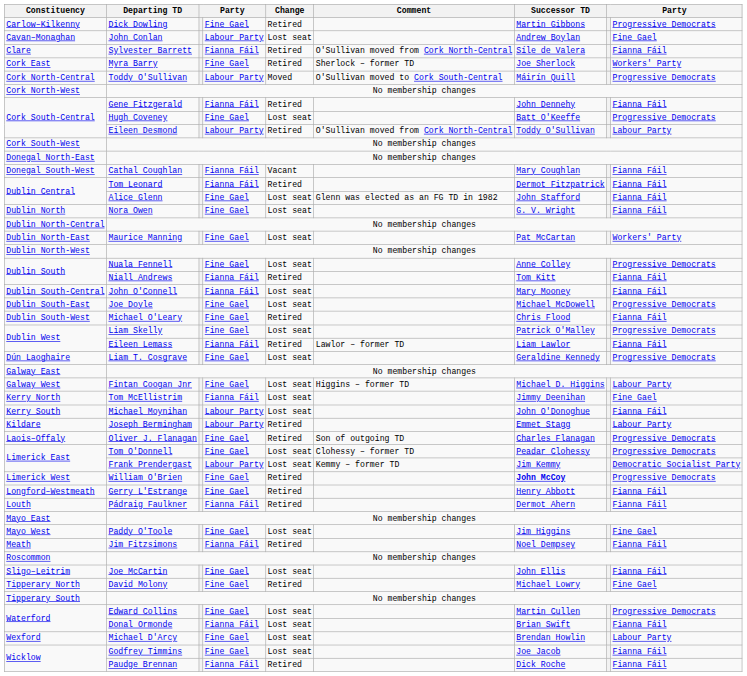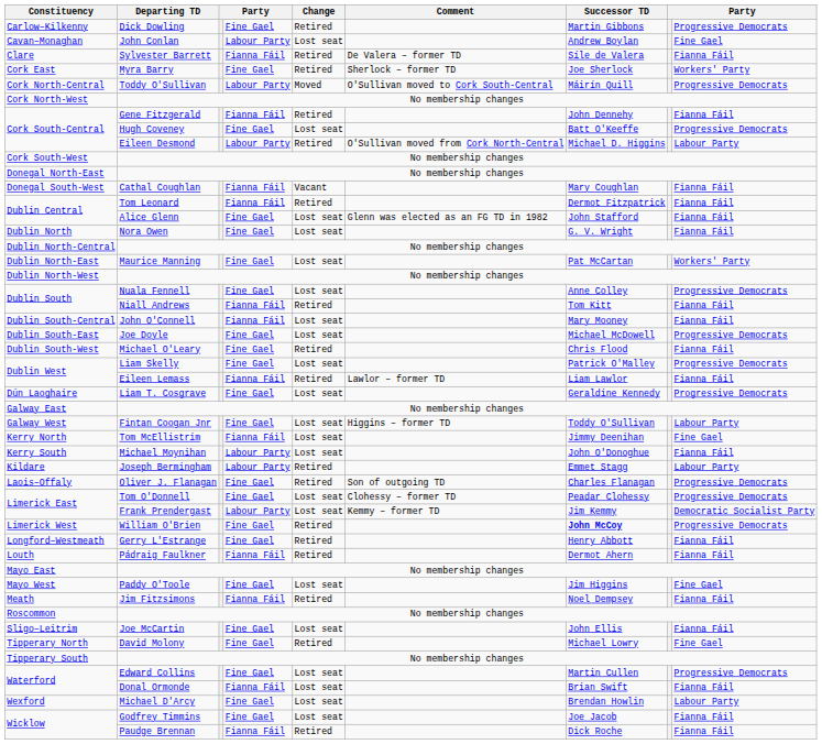 <table class="wikitable">
 <tr style="background: #efefef;">
 <th scope="col">Constituency</th>
 <th scope="col">Departing TD</th>
 <th scope="col" colspan="2">Party</th>
 <th scope="col">Change</th>
 <th scope="col">Comment</th>
 <th scope="col">Successor TD</th>
 <th scope="col" colspan="2">Party</th>
 </tr>
 <tr>
 <td><a href='#'>Carlow–Kilkenny</a></td>
 <td><a href='#'>Dick Dowling</a></td>
 <th style="background-color: "></th>
 <td><a href='#'>Fine Gael</a></td>
 <td>Retired</td>
 <td></td>
 <td><a href='#'>Martin Gibbons</a></td>
 <th style="background-color: "></th>
 <td><a href='#'>Progressive Democrats</a></td>
 </tr>
 <tr>
 <td><a href='#'>Cavan–Monaghan</a></td>
 <td><a href='#'>John Conlan</a></td>
 <th style="background-color: "></th>
 <td><a href='#'>Labour Party</a></td>
 <td>Lost seat</td>
 <td></td>
 <td><a href='#'>Andrew Boylan</a></td>
 <th style="background-color: "></th>
 <td><a href='#'>Fine Gael</a></td>
 </tr>
 <tr>
 <td><a href='#'>Clare</a></td>
 <td><a href='#'>Sylvester Barrett</a></td>
 <th style="background-color: "></th>
 <td><a href='#'>Fianna Fáil</a></td>
 <td>Retired</td>
-<td>O'Sullivan moved from <a href='#'>Cork North-Central</a></td>
+<td>De Valera – former TD</td>
 <td><a href='#'>Síle de Valera</a></td>
 <th style="background-color: "></th>
 <td><a href='#'>Fianna Fáil</a></td>
 </tr>
 <tr>
 <td><a href='#'>Cork East</a></td>
 <td><a href='#'>Myra Barry</a></td>
 <th style="background-color: "></th>
 <td><a href='#'>Fine Gael</a></td>
 <td>Retired</td>
 <td>Sherlock – former TD</td>
 <td><a href='#'>Joe Sherlock</a></td>
 <th style="background-color: "></th>
 <td><a href='#'>Workers' Party</a></td>
 </tr>
 <tr>
 <td><a href='#'>Cork North-Central</a></td>
 <td><a href='#'>Toddy O'Sullivan</a></td>
 <th style="background-color: "></th>
 <td><a href='#'>Labour Party</a></td>
 <td>Moved</td>
 <td>O'Sullivan moved to <a href='#'>Cork South-Central</a></td>
 <td><a href='#'>Máirín Quill</a></td>
 <th style="background-color: "></th>
 <td><a href='#'>Progressive Democrats</a></td>
 </tr>
 <tr>
 <td><a href='#'>Cork North-West</a></td>
 <td colspan=8 align=center>No membership changes</td>
 </tr>
 <tr>
 <td rowspan=3><a href='#'>Cork South-Central</a></td>
 <td><a href='#'>Gene Fitzgerald</a></td>
 <th style="background-color: "></th>
 <td><a href='#'>Fianna Fáil</a></td>
 <td>Retired</td>
 <td></td>
 <td><a href='#'>John Dennehy</a></td>
 <th style="background-color: "></th>
 <td><a href='#'>Fianna Fáil</a></td>
 </tr>
 <tr>
 <td><a href='#'>Hugh Coveney</a></td>
 <th style="background-color: "></th>
 <td><a href='#'>Fine Gael</a></td>
 <td>Lost seat</td>
 <td></td>
 <td><a href='#'>Batt O'Keeffe</a></td>
 <th style="background-color: "></th>
 <td><a href='#'>Progressive Democrats</a></td>
 </tr>
 <tr>
 <td><a href='#'>Eileen Desmond</a></td>
 <th style="background-color: "></th>
 <td><a href='#'>Labour Party</a></td>
 <td>Retired</td>
 <td>O'Sullivan moved from <a href='#'>Cork North-Central</a></td>
-<td><a href='#'>Toddy O'Sullivan</a></td>
+<td><a href='#'>Michael D. Higgins</a></td>
 <th style="background-color: "></th>
 <td><a href='#'>Labour Party</a></td>
 </tr>
 <tr>
 <td><a href='#'>Cork South-West</a></td>
 <td colspan=8 align=center>No membership changes</td>
 </tr>
 <tr>
 <td><a href='#'>Donegal North-East</a></td>
 <td colspan=8 align=center>No membership changes</td>
 </tr>
 <tr>
 <td><a href='#'>Donegal South-West</a></td>
 <td><a href='#'>Cathal Coughlan</a></td>
 <th style="background-color: "></th>
 <td><a href='#'>Fianna Fáil</a></td>
 <td>Vacant</td>
 <td></td>
 <td><a href='#'>Mary Coughlan</a></td>
 <th style="background-color: "></th>
 <td><a href='#'>Fianna Fáil</a></td>
 </tr>
 <tr>
 <td rowspan=2><a href='#'>Dublin Central</a></td>
 <td><a href='#'>Tom Leonard</a></td>
 <th style="background-color: "></th>
 <td><a href='#'>Fianna Fáil</a></td>
 <td>Retired</td>
 <td></td>
 <td><a href='#'>Dermot Fitzpatrick</a></td>
 <th style="background-color: "></th>
 <td><a href='#'>Fianna Fáil</a></td>
 </tr>
 <tr>
 <td><a href='#'>Alice Glenn</a></td>
 <th style="background-color: "></th>
 <td><a href='#'>Fine Gael</a></td>
 <td>Lost seat</td>
 <td>Glenn was elected as an FG TD in 1982</td>
 <td><a href='#'>John Stafford</a></td>
 <th style="background-color: "></th>
 <td><a href='#'>Fianna Fáil</a></td>
 </tr>
 <tr>
 <td><a href='#'>Dublin North</a></td>
 <td><a href='#'>Nora Owen</a></td>
 <th style="background-color: "></th>
 <td><a href='#'>Fine Gael</a></td>
 <td>Lost seat</td>
 <td></td>
 <td><a href='#'>G. V. Wright</a></td>
 <th style="background-color: "></th>
 <td><a href='#'>Fianna Fáil</a></td>
 </tr>
 <tr>
 <td><a href='#'>Dublin North-Central</a></td>
 <td colspan=8 align=center>No membership changes</td>
 </tr>
 <tr>
 <td><a href='#'>Dublin North-East</a></td>
 <td><a href='#'>Maurice Manning</a></td>
 <th style="background-color: "></th>
 <td><a href='#'>Fine Gael</a></td>
 <td>Lost seat</td>
 <td></td>
 <td><a href='#'>Pat McCartan</a></td>
 <th style="background-color: "></th>
 <td><a href='#'>Workers' Party</a></td>
 </tr>
 <tr>
 <td><a href='#'>Dublin North-West</a></td>
 <td colspan=8 align=center>No membership changes</td>
 </tr>
 <tr>
 <td rowspan=2><a href='#'>Dublin South</a></td>
 <td><a href='#'>Nuala Fennell</a></td>
 <th style="background-color: "></th>
 <td><a href='#'>Fine Gael</a></td>
 <td>Lost seat</td>
 <td></td>
 <td><a href='#'>Anne Colley</a></td>
 <th style="background-color: "></th>
 <td><a href='#'>Progressive Democrats</a></td>
 </tr>
 <tr>
 <td><a href='#'>Niall Andrews</a></td>
 <th style="background-color: "></th>
 <td><a href='#'>Fianna Fáil</a></td>
 <td>Retired</td>
 <td></td>
 <td><a href='#'>Tom Kitt</a></td>
 <th style="background-color: "></th>
 <td><a href='#'>Fianna Fáil</a></td>
 </tr>
 <tr>
 <td><a href='#'>Dublin South-Central</a></td>
 <td><a href='#'>John O'Connell</a></td>
 <th style="background-color: "></th>
 <td><a href='#'>Fianna Fáil</a></td>
 <td>Lost seat</td>
 <td></td>
 <td><a href='#'>Mary Mooney</a></td>
 <th style="background-color: "></th>
 <td><a href='#'>Fianna Fáil</a></td>
 </tr>
 <tr>
 <td><a href='#'>Dublin South-East</a></td>
 <td><a href='#'>Joe Doyle</a></td>
 <th style="background-color: "></th>
 <td><a href='#'>Fine Gael</a></td>
 <td>Lost seat</td>
 <td></td>
 <td><a href='#'>Michael McDowell</a></td>
 <th style="background-color: "></th>
 <td><a href='#'>Progressive Democrats</a></td>
 </tr>
 <tr>
 <td><a href='#'>Dublin South-West</a></td>
 <td><a href='#'>Michael O'Leary</a></td>
 <th style="background-color: "></th>
 <td><a href='#'>Fine Gael</a></td>
 <td>Retired</td>
 <td></td>
 <td><a href='#'>Chris Flood</a></td>
 <th style="background-color: "></th>
 <td><a href='#'>Fianna Fáil</a></td>
 </tr>
 <tr>
 <td rowspan=2><a href='#'>Dublin West</a></td>
 <td><a href='#'>Liam Skelly</a></td>
 <th style="background-color: "></th>
 <td><a href='#'>Fine Gael</a></td>
 <td>Lost seat</td>
 <td></td>
 <td><a href='#'>Patrick O'Malley</a></td>
 <th style="background-color: "></th>
 <td><a href='#'>Progressive Democrats</a></td>
 </tr>
 <tr>
 <td><a href='#'>Eileen Lemass</a></td>
 <th style="background-color: "></th>
 <td><a href='#'>Fianna Fáil</a></td>
 <td>Retired</td>
 <td>Lawlor – former TD</td>
 <td><a href='#'>Liam Lawlor</a></td>
 <th style="background-color: "></th>
 <td><a href='#'>Fianna Fáil</a></td>
 </tr>
 <tr>
 <td><a href='#'>Dún Laoghaire</a></td>
 <td><a href='#'>Liam T. Cosgrave</a></td>
 <th style="background-color: "></th>
 <td><a href='#'>Fine Gael</a></td>
 <td>Lost seat</td>
 <td></td>
 <td><a href='#'>Geraldine Kennedy</a></td>
 <th style="background-color: "></th>
 <td><a href='#'>Progressive Democrats</a></td>
 </tr>
 <tr>
 <td><a href='#'>Galway East</a></td>
 <td colspan=8 align=center>No membership changes</td>
 </tr>
 <tr>
 <td><a href='#'>Galway West</a></td>
 <td><a href='#'>Fintan Coogan Jnr</a></td>
 <th style="background-color: "></th>
 <td><a href='#'>Fine Gael</a></td>
 <td>Lost seat</td>
 <td>Higgins – former TD</td>
-<td><a href='#'>Michael D. Higgins</a></td>
+<td><a href='#'>Toddy O'Sullivan</a></td>
 <th style="background-color: "></th>
 <td><a href='#'>Labour Party</a></td>
 </tr>
 <tr>
 <td><a href='#'>Kerry North</a></td>
 <td><a href='#'>Tom McEllistrim</a></td>
 <th style="background-color: "></th>
 <td><a href='#'>Fianna Fáil</a></td>
 <td>Lost seat</td>
 <td></td>
 <td><a href='#'>Jimmy Deenihan</a></td>
 <th style="background-color: "></th>
 <td><a href='#'>Fine Gael</a></td>
 </tr>
 <tr>
 <td><a href='#'>Kerry South</a></td>
 <td><a href='#'>Michael Moynihan</a></td>
 <th style="background-color: "></th>
 <td><a href='#'>Labour Party</a></td>
 <td>Lost seat</td>
 <td></td>
 <td><a href='#'>John O'Donoghue</a></td>
 <th style="background-color: "></th>
 <td><a href='#'>Fianna Fáil</a></td>
 </tr>
 <tr>
 <td><a href='#'>Kildare</a></td>
 <td><a href='#'>Joseph Bermingham</a></td>
 <th style="background-color: "></th>
 <td><a href='#'>Labour Party</a></td>
 <td>Retired</td>
 <td></td>
 <td><a href='#'>Emmet Stagg</a></td>
 <th style="background-color: "></th>
 <td><a href='#'>Labour Party</a></td>
 </tr>
 <tr>
 <td><a href='#'>Laois–Offaly</a></td>
 <td><a href='#'>Oliver J. Flanagan</a></td>
 <th style="background-color: "></th>
 <td><a href='#'>Fine Gael</a></td>
 <td>Retired</td>
 <td>Son of outgoing TD</td>
 <td><a href='#'>Charles Flanagan</a></td>
 <th style="background-color: "></th>
 <td><a href='#'>Progressive Democrats</a></td>
 </tr>
 <tr>
 <td rowspan=2><a href='#'>Limerick East</a></td>
 <td><a href='#'>Tom O'Donnell</a></td>
 <th style="background-color: "></th>
 <td><a href='#'>Fine Gael</a></td>
 <td>Lost seat</td>
 <td>Clohessy – former TD</td>
 <td><a href='#'>Peadar Clohessy</a></td>
 <th style="background-color: "></th>
 <td><a href='#'>Progressive Democrats</a></td>
 </tr>
 <tr>
 <td><a href='#'>Frank Prendergast</a></td>
 <th style="background-color: "></th>
 <td><a href='#'>Labour Party</a></td>
 <td>Lost seat</td>
 <td>Kemmy – former TD</td>
 <td><a href='#'>Jim Kemmy</a></td>
 <th style="background-color: "></th>
 <td><a href='#'>Democratic Socialist Party</a></td>
 </tr>
 <tr>
 <td><a href='#'>Limerick West</a></td>
 <td><a href='#'>William O'Brien</a></td>
 <th style="background-color: "></th>
 <td><a href='#'>Fine Gael</a></td>
 <td>Retired</td>
 <td></td>
 <td><strong><a href='#'>John McCoy</a></strong></td>
 <th style="background-color: "></th>
 <td><a href='#'>Progressive Democrats</a></td>
 </tr>
 <tr>
 <td><a href='#'>Longford–Westmeath</a></td>
 <td><a href='#'>Gerry L'Estrange</a></td>
 <th style="background-color: "></th>
 <td><a href='#'>Fine Gael</a></td>
 <td>Retired</td>
 <td></td>
 <td><a href='#'>Henry Abbott</a></td>
 <th style="background-color: "></th>
 <td><a href='#'>Fianna Fáil</a></td>
 </tr>
 <tr>
 <td><a href='#'>Louth</a></td>
 <td><a href='#'>Pádraig Faulkner</a></td>
 <th style="background-color: "></th>
 <td><a href='#'>Fianna Fáil</a></td>
 <td>Retired</td>
 <td></td>
 <td><a href='#'>Dermot Ahern</a></td>
 <th style="background-color: "></th>
 <td><a href='#'>Fianna Fáil</a></td>
 </tr>
 <tr>
 <td><a href='#'>Mayo East</a></td>
 <td colspan=8 align=center>No membership changes</td>
 </tr>
 <tr>
 <td><a href='#'>Mayo West</a></td>
 <td><a href='#'>Paddy O'Toole</a></td>
 <th style="background-color: "></th>
 <td><a href='#'>Fine Gael</a></td>
 <td>Lost seat</td>
 <td></td>
 <td><a href='#'>Jim Higgins</a></td>
 <th style="background-color: "></th>
 <td><a href='#'>Fine Gael</a></td>
 </tr>
 <tr>
 <td><a href='#'>Meath</a></td>
 <td><a href='#'>Jim Fitzsimons</a></td>
 <th style="background-color: "></th>
 <td><a href='#'>Fianna Fáil</a></td>
 <td>Retired</td>
 <td></td>
 <td><a href='#'>Noel Dempsey</a></td>
 <th style="background-color: "></th>
 <td><a href='#'>Fianna Fáil</a></td>
 </tr>
 <tr>
 <td><a href='#'>Roscommon</a></td>
 <td colspan=8 align=center>No membership changes</td>
 </tr>
 <tr>
 <td><a href='#'>Sligo–Leitrim</a></td>
 <td><a href='#'>Joe McCartin</a></td>
 <th style="background-color: "></th>
 <td><a href='#'>Fine Gael</a></td>
 <td>Lost seat</td>
 <td></td>
 <td><a href='#'>John Ellis</a></td>
 <th style="background-color: "></th>
 <td><a href='#'>Fianna Fáil</a></td>
 </tr>
 <tr>
 <td><a href='#'>Tipperary North</a></td>
 <td><a href='#'>David Molony</a></td>
 <th style="background-color: "></th>
 <td><a href='#'>Fine Gael</a></td>
 <td>Retired</td>
 <td></td>
 <td><a href='#'>Michael Lowry</a></td>
 <th style="background-color: "></th>
 <td><a href='#'>Fine Gael</a></td>
 </tr>
 <tr>
 <td><a href='#'>Tipperary South</a></td>
 <td colspan=8 align=center>No membership changes</td>
 </tr>
 <tr>
 <td rowspan=2><a href='#'>Waterford</a></td>
 <td><a href='#'>Edward Collins</a></td>
 <th style="background-color: "></th>
 <td><a href='#'>Fine Gael</a></td>
 <td>Lost seat</td>
 <td></td>
 <td><a href='#'>Martin Cullen</a></td>
 <th style="background-color: "></th>
 <td><a href='#'>Progressive Democrats</a></td>
 </tr>
 <tr>
 <td><a href='#'>Donal Ormonde</a></td>
 <th style="background-color: "></th>
 <td><a href='#'>Fianna Fáil</a></td>
 <td>Lost seat</td>
 <td></td>
 <td><a href='#'>Brian Swift</a></td>
 <th style="background-color: "></th>
 <td><a href='#'>Fianna Fáil</a></td>
 </tr>
 <tr>
 <td><a href='#'>Wexford</a></td>
 <td><a href='#'>Michael D'Arcy</a></td>
 <th style="background-color: "></th>
 <td><a href='#'>Fine Gael</a></td>
 <td>Lost seat</td>
 <td></td>
 <td><a href='#'>Brendan Howlin</a></td>
 <th style="background-color: "></th>
 <td><a href='#'>Labour Party</a></td>
 </tr>
 <tr>
 <td rowspan=2><a href='#'>Wicklow</a></td>
 <td><a href='#'>Godfrey Timmins</a></td>
 <th style="background-color: "></th>
 <td><a href='#'>Fine Gael</a></td>
 <td>Lost seat</td>
 <td></td>
 <td><a href='#'>Joe Jacob</a></td>
 <th style="background-color: "></th>
 <td><a href='#'>Fianna Fáil</a></td>
 </tr>
 <tr>
 <td><a href='#'>Paudge Brennan</a></td>
 <th style="background-color: "></th>
 <td><a href='#'>Fianna Fáil</a></td>
 <td>Retired</td>
 <td></td>
 <td><a href='#'>Dick Roche</a></td>
 <th style="background-color: "></th>
 <td><a href='#'>Fianna Fáil</a></td>
 </tr>
 </table>
